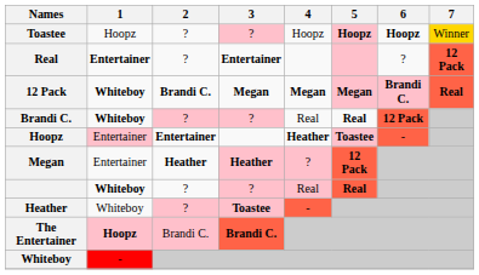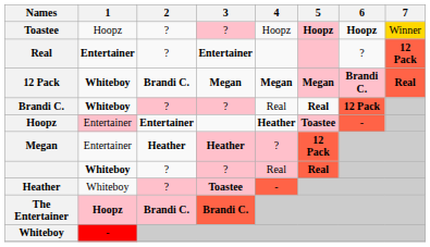 <table class="wikitable" style="margin:1em auto; text-align:center">
 <tr>
 <th>Names</th>
 <th>1</th>
 <th>2</th>
 <th>3</th>
 <th>4</th>
 <th>5</th>
 <th>6</th>
 <th>7</th>
 </tr>
 <tr>
 <th>Toastee</th>
 <td>Hoopz</td>
 <td>?</td>
 <td bgcolor="pink">?</td>
 <td>Hoopz</td>
 <td bgcolor="pink"><strong>Hoopz</strong></td>
 <td><strong>Hoopz</strong></td>
 <td bgcolor="gold">Winner</td>
 </tr>
 <tr>
 <th>Real</th>
 <td><strong>Entertainer</strong></td>
 <td>?</td>
 <td><strong>Entertainer</strong></td>
 <td><strong></strong></td>
 <td bgcolor="pink"><strong></strong></td>
 <td>?</td>
 <td bgcolor="tomato"><strong>12 Pack</strong></td>
 </tr>
 <tr>
 <th>12 Pack</th>
 <td><strong>Whiteboy</strong></td>
 <td><strong>Brandi C.</strong></td>
 <td><strong>Megan</strong></td>
 <td><strong>Megan</strong></td>
 <td bgcolor="pink"><strong>Megan</strong></td>
 <td bgcolor="pink"><strong>Brandi C.</strong></td>
 <td bgcolor="tomato"><strong>Real</strong></td>
 </tr>
 <tr>
 <th>Brandi C.</th>
 <td><strong>Whiteboy</strong></td>
 <td bgcolor="pink">?</td>
 <td bgcolor="pink">?</td>
 <td>Real</td>
 <td><strong>Real</strong></td>
 <td bgcolor="tomato"><strong>12 Pack</strong></td>
 <td bgcolor="#CCCCCC"></td>
 </tr>
 <tr>
 <th>Hoopz</th>
 <td bgcolor="pink">Entertainer</td>
 <td><strong>Entertainer</strong></td>
 <td><strong></strong></td>
 <td><strong>Heather</strong></td>
 <td bgcolor="pink"><strong>Toastee</strong></td>
 <td bgcolor="tomato">-</td>
 <td bgcolor="#CCCCCC" colspan=6></td>
 </tr>
 <tr>
 <th>Megan</th>
 <td>Entertainer</td>
 <td><strong>Heather</strong></td>
 <td bgcolor="pink"><strong>Heather</strong></td>
 <td bgcolor="pink">?</td>
 <td bgcolor="tomato"><strong>12 Pack</strong></td>
 <td bgcolor="#CCCCCC" colspan=2></td>
 </tr>
 <tr>
 <th></th>
 <td><strong>Whiteboy</strong></td>
 <td>?</td>
 <td bgcolor="pink">?</td>
 <td bgcolor="pink">Real</td>
 <td bgcolor="tomato"><strong>Real</strong></td>
 <td bgcolor="#CCCCCC" colspan=2></td>
 </tr>
 <tr>
 <th>Heather</th>
 <td>Whiteboy</td>
 <td bgcolor="pink">?</td>
 <td bgcolor="pink"><strong>Toastee</strong></td>
 <td bgcolor="tomato">-</td>
 <td bgcolor="#CCCCCC" colspan=3></td>
 </tr>
 <tr>
 <th>The Entertainer</th>
 <td bgcolor="pink"><strong>Hoopz</strong></td>
-<td bgcolor="pink">Brandi C.</td>
+<td bgcolor="pink"><strong>Brandi C.</strong></td>
 <td bgcolor="tomato"><strong>Brandi C.</strong></td>
 <td bgcolor="#CCCCCC" colspan=4></td>
 </tr>
 <tr>
 <th>Whiteboy</th>
 <td bgcolor="red">-</td>
 <td bgcolor="#CCCCCC" colspan=6></td>
 </tr>
 <tr>
 </tr>
 </table>
